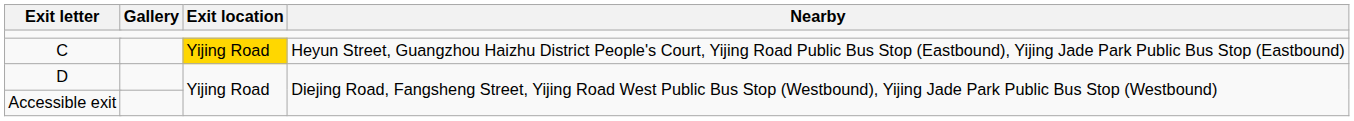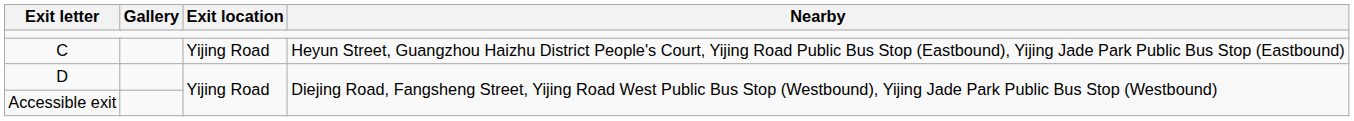 <table class="wikitable">
 <tr>
 <th style="width:70px" colspan="3">Exit letter</th>
 <th>Gallery</th>
 <th>Exit location</th>
 <th>Nearby</th>
 </tr>
 <tr style="background:#">
 <td colspan = "6"></td>
 </tr>
 <tr>
 <td align="center" colspan="3">C</td>
 <td><br></td>
-<td style="background: gold;">Yijing Road</td>
+<td>Yijing Road</td>
 <td>Heyun Street, Guangzhou Haizhu District People's Court, Yijing Road Public Bus Stop (Eastbound), Yijing Jade Park Public Bus Stop (Eastbound)</td>
 </tr>
 <tr>
 <td align="center" colspan="3">D</td>
 <td></td>
 <td rowspan="2">Yijing Road</td>
 <td rowspan="2">Diejing Road, Fangsheng Street, Yijing Road West Public Bus Stop (Westbound), Yijing Jade Park Public Bus Stop (Westbound)</td>
 </tr>
 <tr>
 <td align="center" colspan="3">Accessible exit</td>
 <td></td>
 </tr>
 </table>
